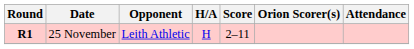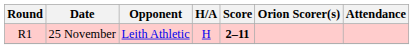 <table class="wikitable" style="text-align:center">
 <tr>
 <th>Round</th>
 <th>Date</th>
 <th>Opponent</th>
 <th>H/A</th>
 <th>Score</th>
 <th>Orion Scorer(s)</th>
 <th>Attendance</th>
 </tr>
 <tr bgcolor=#FFCCCC>
-<td><strong>R1</strong></td>
+<td>R1</td>
 <td align=left>25 November</td>
 <td align=left><a href='#'>Leith Athletic</a></td>
 <td><a href='#'>H</a></td>
-<td>2–11</td>
+<td><strong>2–11</strong></td>
 <td align=left></td>
 <td></td>
 </tr>
 <tr>
 </tr>
 </table>
